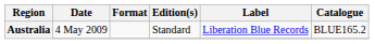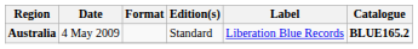 <table class="wikitable plainrowheaders">
 <tr>
 <th scope="col">Region</th>
 <th scope="col">Date</th>
 <th scope="col">Format</th>
 <th scope="col">Edition(s)</th>
 <th scope="col">Label</th>
 <th scope="col">Catalogue</th>
 </tr>
 <tr>
 <th scope="row" rowspan="2">Australia</th>
 <td>4 May 2009 </td>
 <td></td>
 <td>Standard</td>
 <td><a href='#'>Liberation Blue Records</a></td>
-<td>BLUE165.2</td>
+<td><strong>BLUE165.2</strong></td>
 </tr>
 <tr>
 </tr>
 </table>
